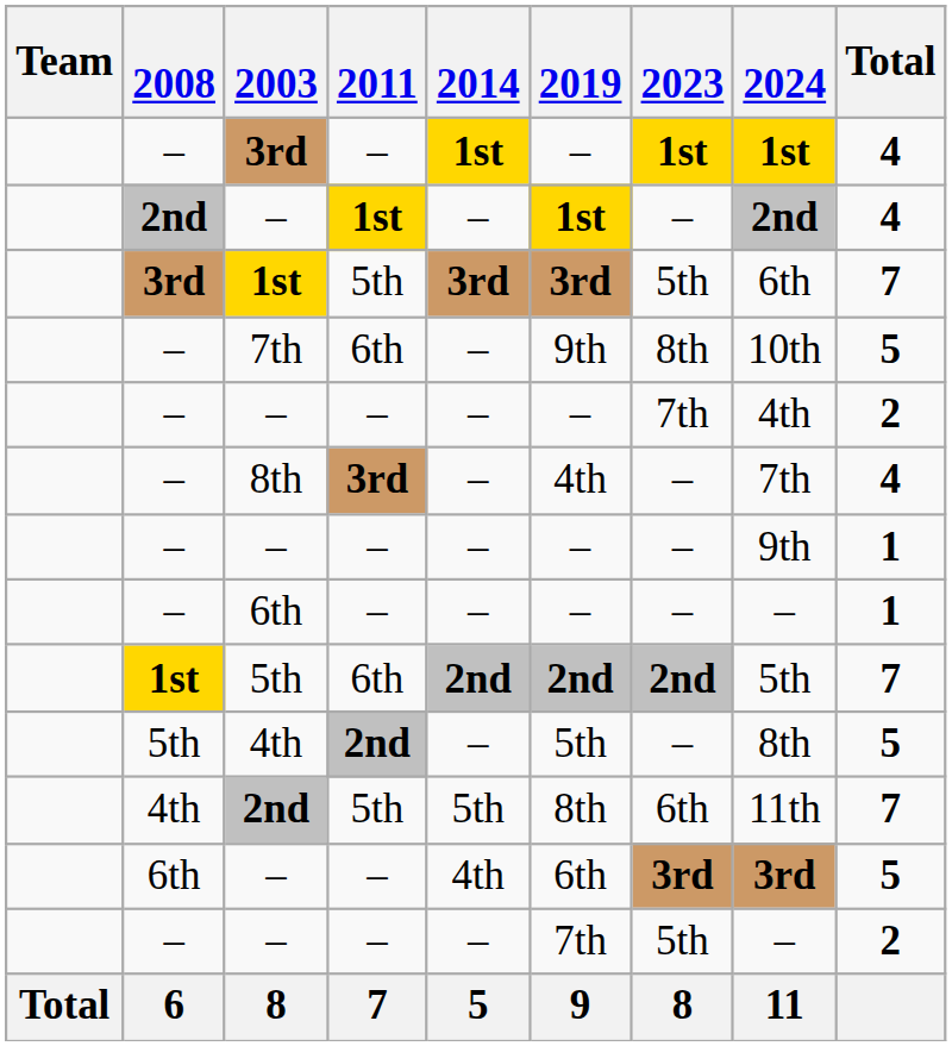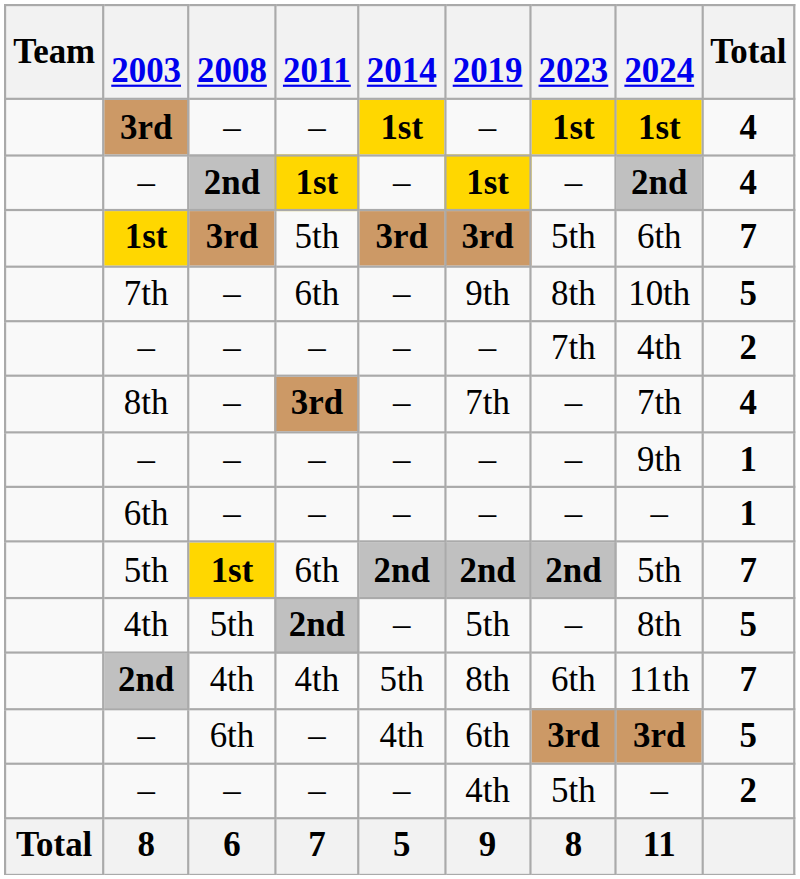 <table class="wikitable" style="text-align:center">
 <tr>
 <th>Team</th>
+<th><br><a href='#'>2003</a></th>
 <th><br><a href='#'>2008</a></th>
-<th><br><a href='#'>2003</a></th>
 <th><br><a href='#'>2011</a></th>
 <th><br><a href='#'>2014</a></th>
 <th><br><a href='#'>2019</a></th>
 <th><br><a href='#'>2023</a></th>
 <th><br><a href='#'>2024</a></th>
 <th>Total</th>
 </tr>
 <tr>
 <td align=left></td>
+<td bgcolor=cc9966><strong>3rd</strong></td>
 <td>–</td>
-<td bgcolor=cc9966><strong>3rd</strong></td>
 <td>–</td>
 <td bgcolor=gold><strong>1st</strong></td>
 <td>–</td>
 <td bgcolor=gold><strong>1st</strong></td>
 <td bgcolor=gold><strong>1st</strong></td>
 <td><strong>4</strong></td>
 </tr>
 <tr>
 <td align=left></td>
+<td>–</td>
 <td bgcolor=silver><strong>2nd</strong></td>
-<td>–</td>
 <td bgcolor=gold><strong>1st</strong></td>
 <td>–</td>
 <td bgcolor=gold><strong>1st</strong></td>
 <td>–</td>
 <td bgcolor=silver><strong>2nd</strong></td>
 <td><strong>4</strong></td>
 </tr>
 <tr>
 <td align=left></td>
+<td bgcolor=gold><strong>1st</strong></td>
 <td bgcolor=cc9966><strong>3rd</strong></td>
-<td bgcolor=gold><strong>1st</strong></td>
 <td>5th</td>
 <td bgcolor=cc9966><strong>3rd</strong></td>
 <td bgcolor=cc9966><strong>3rd</strong></td>
 <td>5th</td>
 <td>6th</td>
 <td><strong>7</strong></td>
 </tr>
 <tr>
 <td align=left></td>
+<td>7th</td>
 <td>–</td>
-<td>7th</td>
 <td>6th</td>
 <td>–</td>
 <td>9th</td>
 <td>8th</td>
 <td>10th</td>
 <td><strong>5</strong></td>
 </tr>
 <tr>
 <td align=left></td>
 <td>–</td>
 <td>–</td>
 <td>–</td>
 <td>–</td>
 <td>–</td>
 <td>7th</td>
 <td>4th</td>
 <td><strong>2</strong></td>
 </tr>
 <tr>
 <td align=left></td>
+<td>8th</td>
 <td>–</td>
-<td>8th</td>
 <td bgcolor=cc9966><strong>3rd</strong></td>
 <td>–</td>
-<td>4th</td>
+<td>7th</td>
 <td>–</td>
 <td>7th</td>
 <td><strong>4</strong></td>
 </tr>
 <tr>
 <td align=left></td>
 <td>–</td>
 <td>–</td>
 <td>–</td>
 <td>–</td>
 <td>–</td>
 <td>–</td>
 <td>9th</td>
 <td><strong>1</strong></td>
 </tr>
 <tr>
 <td align=left></td>
+<td>6th</td>
 <td>–</td>
-<td>6th</td>
 <td>–</td>
 <td>–</td>
 <td>–</td>
 <td>–</td>
 <td>–</td>
 <td><strong>1</strong></td>
 </tr>
 <tr>
 <td align=left></td>
+<td>5th</td>
 <td bgcolor=gold><strong>1st</strong></td>
-<td>5th</td>
 <td>6th</td>
 <td bgcolor=silver><strong>2nd</strong></td>
 <td bgcolor=silver><strong>2nd</strong></td>
 <td bgcolor=silver><strong>2nd</strong></td>
 <td>5th</td>
 <td><strong>7</strong></td>
 </tr>
 <tr>
 <td align=left></td>
+<td>4th</td>
 <td>5th</td>
-<td>4th</td>
 <td bgcolor=silver><strong>2nd</strong></td>
 <td>–</td>
 <td>5th</td>
 <td>–</td>
 <td>8th</td>
 <td><strong>5</strong></td>
 </tr>
 <tr>
 <td align=left></td>
+<td bgcolor=silver><strong>2nd</strong></td>
 <td>4th</td>
-<td bgcolor=silver><strong>2nd</strong></td>
-<td>5th</td>
+<td>4th</td>
 <td>5th</td>
 <td>8th</td>
 <td>6th</td>
 <td>11th</td>
 <td><strong>7</strong></td>
 </tr>
 <tr>
 <td align=left></td>
+<td>–</td>
 <td>6th</td>
-<td>–</td>
 <td>–</td>
 <td>4th</td>
 <td>6th</td>
 <td bgcolor=cc9966><strong>3rd</strong></td>
 <td bgcolor=cc9966><strong>3rd</strong></td>
 <td><strong>5</strong></td>
 </tr>
 <tr>
 <td align=left></td>
 <td>–</td>
 <td>–</td>
 <td>–</td>
 <td>–</td>
-<td>7th</td>
+<td>4th</td>
 <td>5th</td>
 <td>–</td>
 <td><strong>2</strong></td>
 </tr>
 <tr>
 <th>Total</th>
+<th>8</th>
 <th>6</th>
-<th>8</th>
 <th>7</th>
 <th>5</th>
 <th>9</th>
 <th>8</th>
 <th>11</th>
 <th></th>
 </tr>
 </table>
